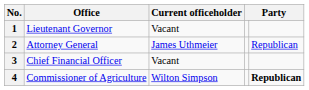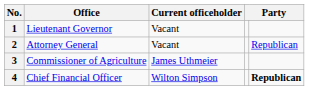 <table class="wikitable">
 <tr>
 <th><abbr>No.</abbr></th>
 <th>Office</th>
 <th>Current officeholder</th>
 <th colspan="2">Party</th>
 </tr>
 <tr>
 <th>1</th>
 <td><a href='#'>Lieutenant Governor</a></td>
 <td>Vacant</td>
 <td style="background: "></td>
 <td></td>
 </tr>
 <tr>
 <th>2</th>
 <td><a href='#'>Attorney General</a></td>
-<td><a href='#'>James Uthmeier</a></td>
+<td>Vacant</td>
 <td style="background: "></td>
 <td><a href='#'>Republican</a></td>
 </tr>
 <tr>
 <th>3</th>
-<td><a href='#'>Chief Financial Officer</a></td>
-<td>Vacant</td>
+<td><a href='#'>Commissioner of Agriculture</a></td>
+<td><a href='#'>James Uthmeier</a></td>
 <td style="background: "></td>
 <td></td>
 </tr>
 <tr>
 <th>4</th>
-<td><a href='#'>Commissioner of Agriculture</a></td>
+<td><a href='#'>Chief Financial Officer</a></td>
 <td><a href='#'>Wilton Simpson</a></td>
 <td style="background: "></td>
 <td><strong>Republican</strong></td>
 </tr>
 </table>
